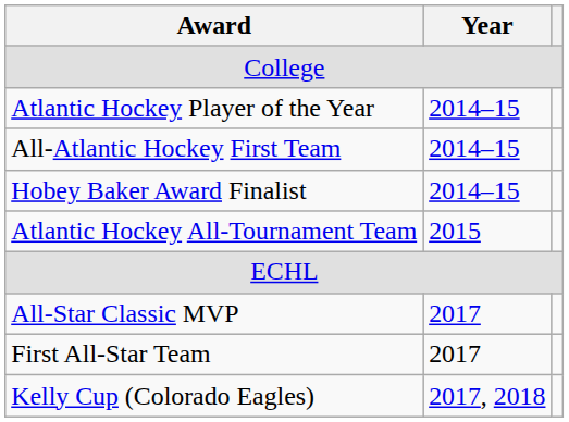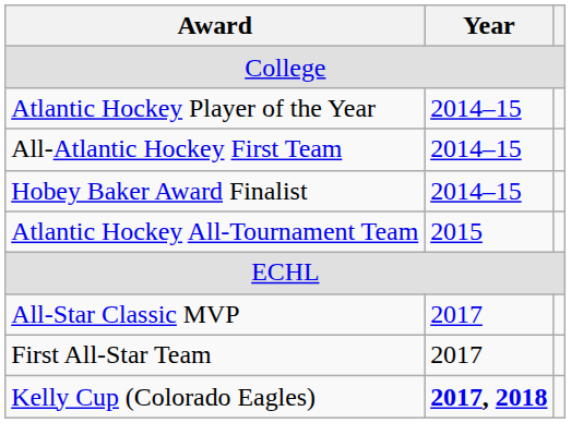 <table class="wikitable">
 <tr>
 <th>Award</th>
 <th>Year</th>
 <th></th>
 </tr>
 <tr ALIGN="center" bgcolor="#e0e0e0">
 <td colspan="3"><a href='#'>College</a></td>
 </tr>
 <tr>
 <td><a href='#'>Atlantic Hockey</a> Player of the Year</td>
 <td><a href='#'>2014–15</a></td>
 <td></td>
 </tr>
 <tr>
 <td>All-<a href='#'>Atlantic Hockey</a> <a href='#'>First Team</a></td>
 <td><a href='#'>2014–15</a></td>
 <td></td>
 </tr>
 <tr>
 <td><a href='#'>Hobey Baker Award</a> Finalist</td>
 <td><a href='#'>2014–15</a></td>
 <td></td>
 </tr>
 <tr>
 <td><a href='#'>Atlantic Hockey</a> <a href='#'>All-Tournament Team</a></td>
 <td><a href='#'>2015</a></td>
 <td></td>
 </tr>
 <tr ALIGN="center" bgcolor="#e0e0e0">
 <td colspan="3"><a href='#'>ECHL</a></td>
 </tr>
 <tr>
 <td><a href='#'>All-Star Classic</a> MVP</td>
 <td><a href='#'>2017</a></td>
 <td></td>
 </tr>
 <tr>
 <td>First All-Star Team</td>
 <td>2017</td>
 <td></td>
 </tr>
 <tr>
 <td><a href='#'>Kelly Cup</a> (Colorado Eagles)</td>
-<td><a href='#'>2017</a>, <a href='#'>2018</a></td>
+<td><strong><a href='#'>2017</a>, <a href='#'>2018</a></strong></td>
 <td></td>
 </tr>
 </table>
